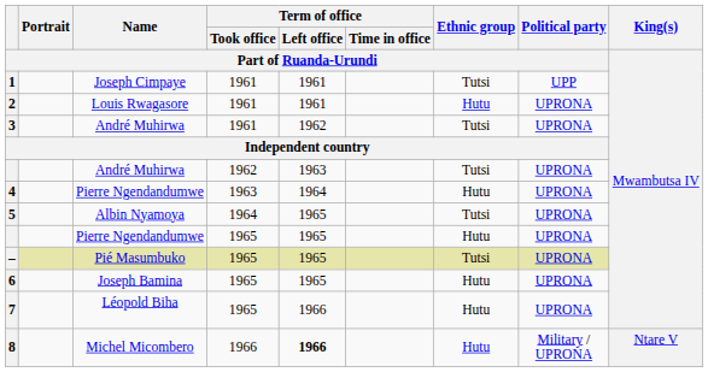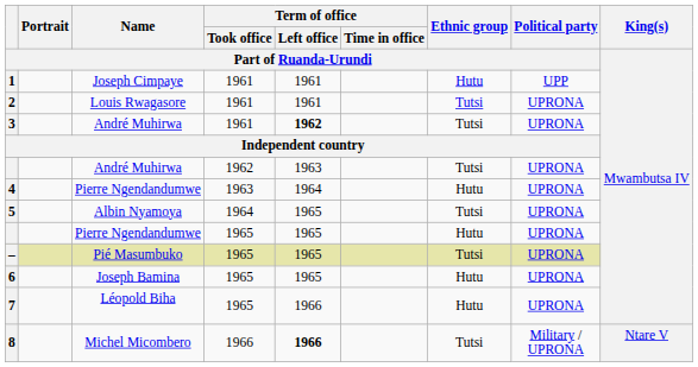 <table class="wikitable" style="text-align:center">
 <tr>
 <th rowspan="2"></th>
 <th rowspan="2">Portrait</th>
 <th rowspan="2">Name<br></th>
 <th colspan="3">Term of office</th>
 <th rowspan="2"><a href='#'>Ethnic group</a></th>
 <th rowspan="2"><a href='#'>Political party</a></th>
 <th rowspan="2"><a href='#'>King(s)</a><br></th>
 </tr>
 <tr>
 <th>Took office</th>
 <th>Left office</th>
 <th>Time in office</th>
 </tr>
 <tr>
 <th colspan="8">Part of <a href='#'>Ruanda-Urundi</a></th>
 <th rowspan="12" style="font-weight:normal"><a href='#'>Mwambutsa IV</a><br><br></th>
 </tr>
 <tr>
 <th style="background:">1</th>
 <td></td>
 <td><a href='#'>Joseph Cimpaye</a><br></td>
 <td> 1961</td>
 <td> 1961</td>
 <td></td>
-<td>Tutsi</td>
+<td><a href='#'>Hutu</a></td>
 <td><a href='#'>UPP</a></td>
 </tr>
 <tr>
 <th style="background:">2</th>
 <td></td>
 <td><a href='#'>Louis Rwagasore</a><br></td>
 <td> 1961</td>
 <td> 1961<br></td>
 <td></td>
-<td><a href='#'>Hutu</a></td>
+<td><a href='#'>Tutsi</a></td>
 <td><a href='#'>UPRONA</a></td>
 </tr>
 <tr>
 <th style="background:">3</th>
 <td></td>
 <td><a href='#'>André Muhirwa</a><br></td>
 <td> 1961</td>
-<td> 1962</td>
+<td><strong> 1962</strong></td>
 <td></td>
 <td>Tutsi</td>
 <td><a href='#'>UPRONA</a></td>
 </tr>
 <tr>
 <th colspan="8">Independent country</th>
 </tr>
 <tr>
 <th style="background:"></th>
 <td></td>
 <td><a href='#'>André Muhirwa</a><br></td>
 <td> 1962</td>
 <td> 1963</td>
 <td></td>
 <td>Tutsi</td>
 <td><a href='#'>UPRONA</a></td>
 </tr>
 <tr>
 <th style="background:">4</th>
 <td></td>
 <td><a href='#'>Pierre Ngendandumwe</a><br></td>
 <td> 1963</td>
 <td> 1964</td>
 <td></td>
 <td>Hutu</td>
 <td><a href='#'>UPRONA</a></td>
 </tr>
 <tr>
 <th style="background:">5</th>
 <td></td>
 <td><a href='#'>Albin Nyamoya</a><br></td>
 <td> 1964</td>
 <td> 1965</td>
 <td></td>
 <td>Tutsi</td>
 <td><a href='#'>UPRONA</a></td>
 </tr>
 <tr>
 <th style="background:"></th>
 <td></td>
 <td><a href='#'>Pierre Ngendandumwe</a><br></td>
 <td> 1965</td>
 <td> 1965<br></td>
 <td></td>
 <td>Hutu</td>
 <td><a href='#'>UPRONA</a></td>
 </tr>
 <tr style="background:#e6e6aa;">
 <th style="background:">–</th>
 <td></td>
 <td><a href='#'>Pié Masumbuko</a><br></td>
 <td> 1965</td>
 <td> 1965</td>
 <td></td>
 <td>Tutsi</td>
 <td><a href='#'>UPRONA</a></td>
 </tr>
 <tr>
 <th style="background:">6</th>
 <td></td>
 <td><a href='#'>Joseph Bamina</a><br></td>
 <td> 1965</td>
 <td> 1965</td>
 <td></td>
 <td>Hutu</td>
 <td><a href='#'>UPRONA</a></td>
 </tr>
 <tr>
 <th style="background:">7</th>
 <td></td>
 <td><a href='#'>Léopold Biha</a><br><br></td>
 <td> 1965</td>
 <td> 1966<br></td>
 <td></td>
 <td>Hutu</td>
 <td><a href='#'>UPRONA</a></td>
 </tr>
 <tr>
 <th style="background:">8</th>
 <td></td>
 <td><a href='#'>Michel Micombero</a><br></td>
 <td> 1966</td>
 <td><strong> 1966<br></strong></td>
 <td></td>
-<td><a href='#'>Hutu</a></td>
+<td>Tutsi</td>
 <td><a href='#'>Military</a> / <br><a href='#'>UPRONA</a></td>
 <th rowspan="1" style="font-weight:normal"><a href='#'>Ntare V</a><br><br></th>
 </tr>
 </table>
